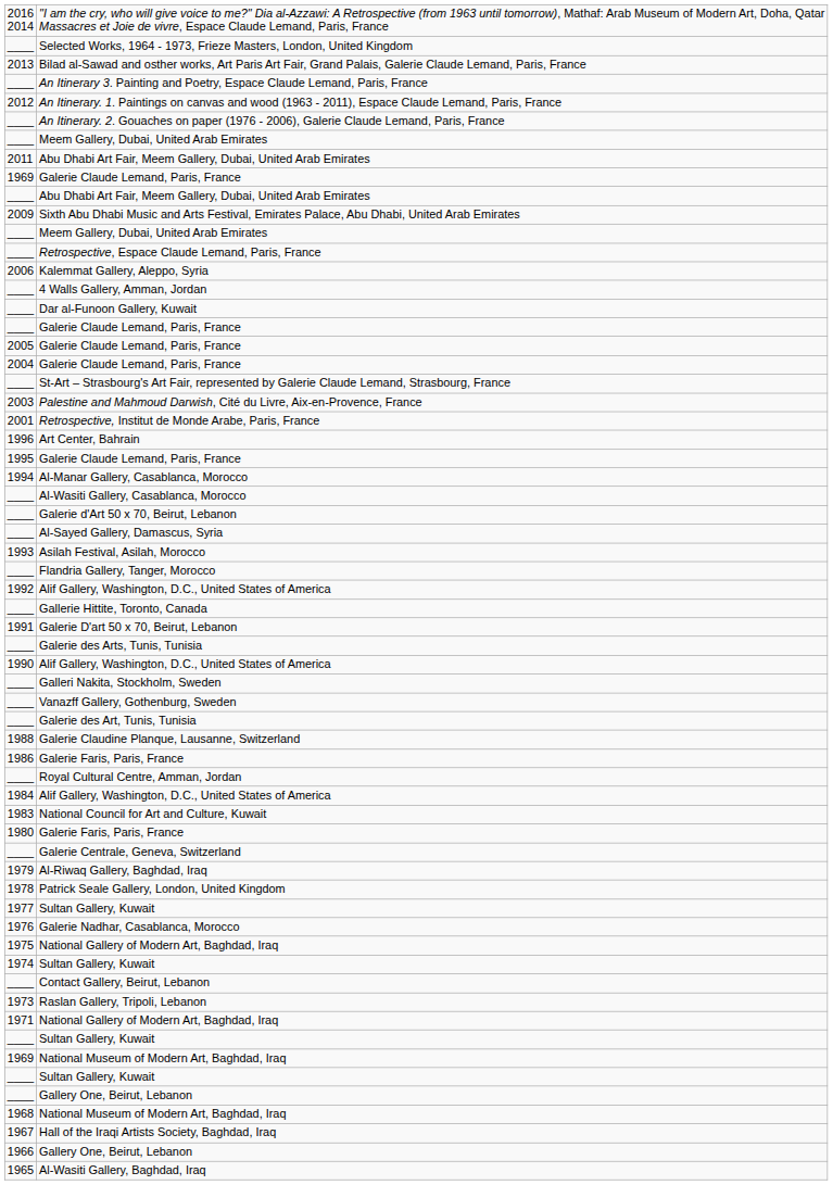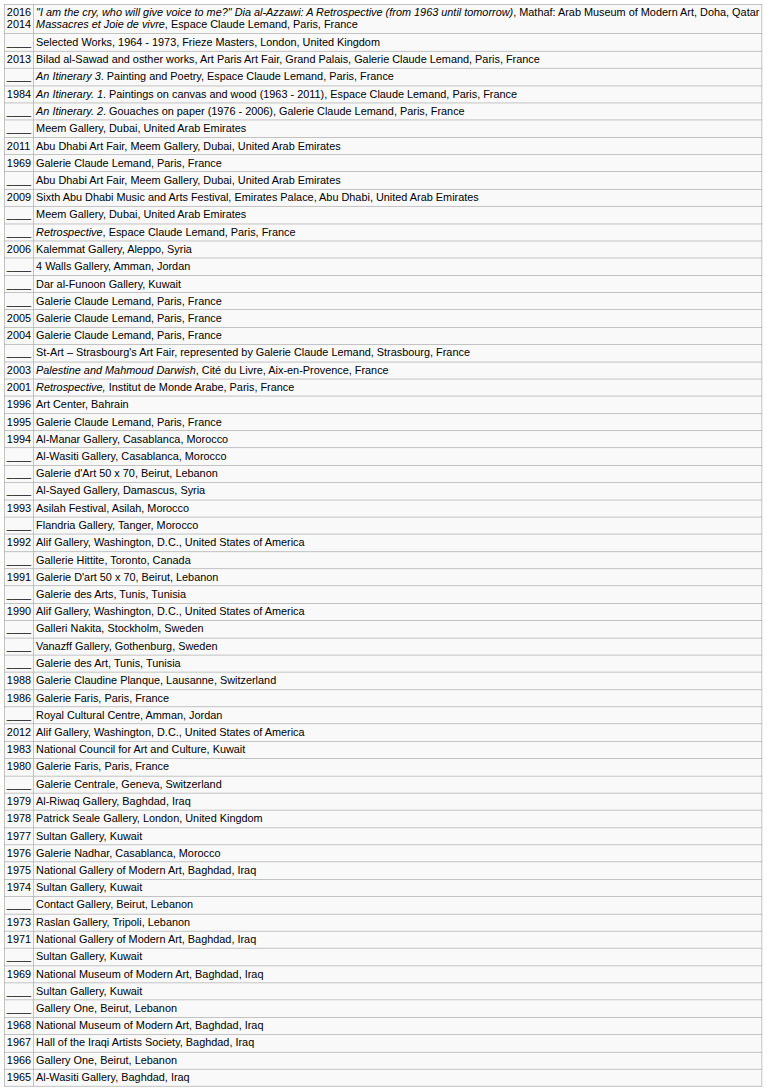 <table class="wikitable">
 <tr>
 <td>2016<br>2014</td>
 <td><em>"I am the cry, who will give voice to me?" Dia al-Azzawi: A Retrospective (from 1963 until tomorrow)</em>, Mathaf: Arab Museum of Modern Art, Doha, Qatar<br><em>Massacres et Joie de vivre</em>, Espace Claude Lemand, Paris, France</td>
 </tr>
 <tr>
 <td>____</td>
 <td>Selected Works, 1964 - 1973, Frieze Masters, London, United Kingdom</td>
 </tr>
 <tr>
 <td>2013</td>
 <td>Bilad al-Sawad and osther works, Art Paris Art Fair, Grand Palais, Galerie Claude Lemand, Paris, France</td>
 </tr>
 <tr>
 <td>____</td>
 <td><em>An Itinerary 3</em>. Painting and Poetry, Espace Claude Lemand, Paris, France</td>
 </tr>
 <tr>
-<td>2012</td>
+<td rowspan="1">1984</td>
 <td><em>An Itinerary. 1</em>. Paintings on canvas and wood (1963 - 2011), Espace Claude Lemand, Paris, France</td>
 </tr>
 <tr>
 <td rowspan="1">____</td>
 <td rowspan="1"><em>An Itinerary. 2</em>. Gouaches on paper (1976 - 2006), Galerie Claude Lemand, Paris, France</td>
 </tr>
 <tr>
 <td rowspan="1">____</td>
 <td rowspan="1">Meem Gallery, Dubai, United Arab Emirates</td>
 </tr>
 <tr>
 <td rowspan="1">2011</td>
 <td rowspan="1">Abu Dhabi Art Fair, Meem Gallery, Dubai, United Arab Emirates</td>
 </tr>
 <tr>
 <td rowspan="1">1969</td>
 <td rowspan="1">Galerie Claude Lemand, Paris, France</td>
 </tr>
 <tr>
 <td rowspan="1">____</td>
 <td rowspan="1">Abu Dhabi Art Fair, Meem Gallery, Dubai, United Arab Emirates</td>
 </tr>
 <tr>
 <td rowspan="1">2009</td>
 <td rowspan="1">Sixth Abu Dhabi Music and Arts Festival, Emirates Palace, Abu Dhabi, United Arab Emirates</td>
 </tr>
 <tr>
 <td rowspan="1">____</td>
 <td rowspan="1">Meem Gallery, Dubai, United Arab Emirates</td>
 </tr>
 <tr>
 <td rowspan="1">____</td>
 <td rowspan="1"><em>Retrospective</em>, Espace Claude Lemand, Paris, France</td>
 </tr>
 <tr>
 <td rowspan="1">2006</td>
 <td rowspan="1">Kalemmat Gallery, Aleppo, Syria</td>
 </tr>
 <tr>
 <td rowspan="1">____</td>
 <td rowspan="1">4 Walls Gallery, Amman, Jordan</td>
 </tr>
 <tr>
 <td rowspan="1">____</td>
 <td rowspan="1">Dar al-Funoon Gallery, Kuwait</td>
 </tr>
 <tr>
 <td rowspan="1">____</td>
 <td rowspan="1">Galerie Claude Lemand, Paris, France</td>
 </tr>
 <tr>
 <td rowspan="1">2005</td>
 <td rowspan="1">Galerie Claude Lemand, Paris, France</td>
 </tr>
 <tr>
 <td rowspan="1">2004</td>
 <td rowspan="1">Galerie Claude Lemand, Paris, France</td>
 </tr>
 <tr>
 <td rowspan="1">____</td>
 <td rowspan="1">St-Art – Strasbourg's Art Fair, represented by Galerie Claude Lemand, Strasbourg, France</td>
 </tr>
 <tr>
 <td rowspan="1">2003</td>
 <td rowspan="1"><em>Palestine and Mahmoud Darwish</em>, Cité du Livre, Aix-en-Provence, France</td>
 </tr>
 <tr>
 <td rowspan="1">2001</td>
 <td rowspan="1"><em>Retrospective,</em> Institut de Monde Arabe, Paris, France</td>
 </tr>
 <tr>
 <td rowspan="1">1996</td>
 <td rowspan="1">Art Center, Bahrain</td>
 </tr>
 <tr>
 <td rowspan="1">1995</td>
 <td rowspan="1">Galerie Claude Lemand, Paris, France</td>
 </tr>
 <tr>
 <td rowspan="1">1994</td>
 <td rowspan="1">Al-Manar Gallery, Casablanca, Morocco</td>
 </tr>
 <tr>
 <td rowspan="1">____</td>
 <td rowspan="1">Al-Wasiti Gallery, Casablanca, Morocco</td>
 </tr>
 <tr>
 <td rowspan="1">____</td>
 <td rowspan="1">Galerie d'Art 50 x 70, Beirut, Lebanon</td>
 </tr>
 <tr>
 <td rowspan="1">____</td>
 <td rowspan="1">Al-Sayed Gallery, Damascus, Syria</td>
 </tr>
 <tr>
 <td rowspan="1">1993</td>
 <td rowspan="1">Asilah Festival, Asilah, Morocco</td>
 </tr>
 <tr>
 <td rowspan="1">____</td>
 <td rowspan="1">Flandria Gallery, Tanger, Morocco</td>
 </tr>
 <tr>
 <td rowspan="1">1992</td>
 <td rowspan="1">Alif Gallery, Washington, D.C., United States of America</td>
 </tr>
 <tr>
 <td rowspan="1">____</td>
 <td rowspan="1">Gallerie Hittite, Toronto, Canada</td>
 </tr>
 <tr>
 <td rowspan="1">1991</td>
 <td rowspan="1">Galerie D'art 50 x 70, Beirut, Lebanon</td>
 </tr>
 <tr>
 <td rowspan="1">____</td>
 <td rowspan="1">Galerie des Arts, Tunis, Tunisia</td>
 </tr>
 <tr>
 <td rowspan="1">1990</td>
 <td rowspan="1">Alif Gallery, Washington, D.C., United States of America</td>
 </tr>
 <tr>
 <td rowspan="1">____</td>
 <td rowspan="1">Galleri Nakita, Stockholm, Sweden</td>
 </tr>
 <tr>
 <td rowspan="1">____</td>
 <td rowspan="1">Vanazff Gallery, Gothenburg, Sweden</td>
 </tr>
 <tr>
 <td rowspan="1">____</td>
 <td rowspan="1">Galerie des Art, Tunis, Tunisia</td>
 </tr>
 <tr>
 <td rowspan="1">1988</td>
 <td rowspan="1">Galerie Claudine Planque, Lausanne, Switzerland</td>
 </tr>
 <tr>
 <td rowspan="1">1986</td>
 <td rowspan="1">Galerie Faris, Paris, France</td>
 </tr>
 <tr>
 <td rowspan="1">____</td>
 <td rowspan="1">Royal Cultural Centre, Amman, Jordan</td>
 </tr>
 <tr>
-<td rowspan="1">1984</td>
+<td>2012</td>
 <td rowspan="1">Alif Gallery, Washington, D.C., United States of America</td>
 </tr>
 <tr>
 <td rowspan="1">1983</td>
 <td rowspan="1">National Council for Art and Culture, Kuwait</td>
 </tr>
 <tr>
 <td rowspan="1">1980</td>
 <td rowspan="1">Galerie Faris, Paris, France</td>
 </tr>
 <tr>
 <td rowspan="1">____</td>
 <td rowspan="1">Galerie Centrale, Geneva, Switzerland</td>
 </tr>
 <tr>
 <td rowspan="1">1979</td>
 <td rowspan="1">Al-Riwaq Gallery, Baghdad, Iraq</td>
 </tr>
 <tr>
 <td rowspan="1">1978</td>
 <td rowspan="1">Patrick Seale Gallery, London, United Kingdom</td>
 </tr>
 <tr>
 <td rowspan="1">1977</td>
 <td rowspan="1">Sultan Gallery, Kuwait</td>
 </tr>
 <tr>
 <td rowspan="1">1976</td>
 <td rowspan="1">Galerie Nadhar, Casablanca, Morocco</td>
 </tr>
 <tr>
 <td rowspan="1">1975</td>
 <td rowspan="1">National Gallery of Modern Art, Baghdad, Iraq</td>
 </tr>
 <tr>
 <td rowspan="1">1974</td>
 <td rowspan="1">Sultan Gallery, Kuwait</td>
 </tr>
 <tr>
 <td rowspan="1">____</td>
 <td rowspan="1">Contact Gallery, Beirut, Lebanon</td>
 </tr>
 <tr>
 <td rowspan="1">1973</td>
 <td rowspan="1">Raslan Gallery, Tripoli, Lebanon</td>
 </tr>
 <tr>
 <td rowspan="1">1971</td>
 <td rowspan="1">National Gallery of Modern Art, Baghdad, Iraq</td>
 </tr>
 <tr>
 <td rowspan="1">____</td>
 <td rowspan="1">Sultan Gallery, Kuwait</td>
 </tr>
 <tr>
 <td rowspan="1">1969</td>
 <td rowspan="1">National Museum of Modern Art, Baghdad, Iraq</td>
 </tr>
 <tr>
 <td rowspan="1">____</td>
 <td rowspan="1">Sultan Gallery, Kuwait</td>
 </tr>
 <tr>
 <td rowspan="1">____</td>
 <td rowspan="1">Gallery One, Beirut, Lebanon</td>
 </tr>
 <tr>
 <td rowspan="1">1968</td>
 <td rowspan="1">National Museum of Modern Art, Baghdad, Iraq</td>
 </tr>
 <tr>
 <td rowspan="1">1967</td>
 <td rowspan="1">Hall of the Iraqi Artists Society, Baghdad, Iraq</td>
 </tr>
 <tr>
 <td rowspan="1">1966</td>
 <td rowspan="1">Gallery One, Beirut, Lebanon</td>
 </tr>
 <tr>
 <td rowspan="1">1965</td>
 <td rowspan="1">Al-Wasiti Gallery, Baghdad, Iraq</td>
 </tr>
 </table>
